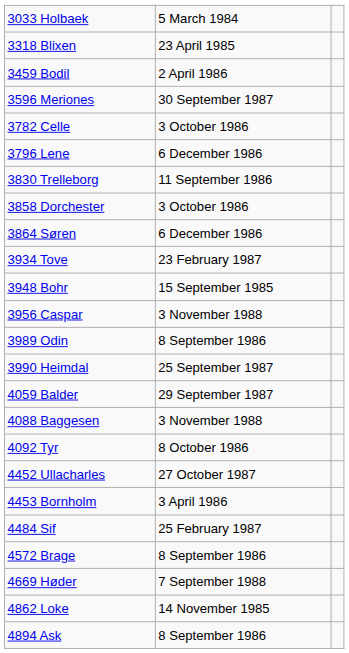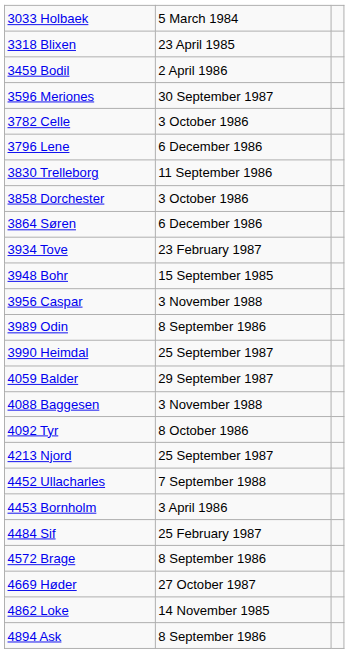 <table class="wikitable" style="font-size: 89%; float: left; width: 26em; margin-right: 1em; height: 700px;">
 <tr>
 <td><a href='#'>3033 Holbaek</a></td>
 <td>5 March 1984</td>
 <td> </td>
 </tr>
 <tr>
 <td><a href='#'>3318 Blixen</a></td>
 <td>23 April 1985</td>
 <td> </td>
 </tr>
 <tr>
 <td><a href='#'>3459 Bodil</a></td>
 <td>2 April 1986</td>
 <td></td>
 </tr>
 <tr>
 <td><a href='#'>3596 Meriones</a></td>
 <td>30 September 1987</td>
 <td> </td>
 </tr>
 <tr>
 <td><a href='#'>3782 Celle</a></td>
 <td>3 October 1986</td>
 <td></td>
 </tr>
 <tr>
 <td><a href='#'>3796 Lene</a></td>
 <td>6 December 1986</td>
 <td></td>
 </tr>
 <tr>
 <td><a href='#'>3830 Trelleborg</a></td>
 <td>11 September 1986</td>
 <td></td>
 </tr>
 <tr>
 <td><a href='#'>3858 Dorchester</a></td>
 <td>3 October 1986</td>
 <td></td>
 </tr>
 <tr>
 <td><a href='#'>3864 Søren</a></td>
 <td>6 December 1986</td>
 <td></td>
 </tr>
 <tr>
 <td><a href='#'>3934 Tove</a></td>
 <td>23 February 1987</td>
 <td> </td>
 </tr>
 <tr>
 <td><a href='#'>3948 Bohr</a></td>
 <td>15 September 1985</td>
 <td></td>
 </tr>
 <tr>
 <td><a href='#'>3956 Caspar</a></td>
 <td>3 November 1988</td>
 <td></td>
 </tr>
 <tr>
 <td><a href='#'>3989 Odin</a></td>
 <td>8 September 1986</td>
 <td></td>
 </tr>
 <tr>
 <td><a href='#'>3990 Heimdal</a></td>
 <td>25 September 1987</td>
 <td></td>
 </tr>
 <tr>
 <td><a href='#'>4059 Balder</a></td>
 <td>29 September 1987</td>
 <td></td>
 </tr>
 <tr>
 <td><a href='#'>4088 Baggesen</a></td>
 <td>3 November 1988</td>
 <td></td>
 </tr>
 <tr>
 <td><a href='#'>4092 Tyr</a></td>
 <td>8 October 1986</td>
 <td></td>
 </tr>
 <tr>
+<td><a href='#'>4213 Njord</a></td>
+<td>25 September 1987</td>
+<td></td>
+</tr>
+<tr>
 <td><a href='#'>4452 Ullacharles</a></td>
-<td>27 October 1987</td>
+<td>7 September 1988</td>
 <td></td>
 </tr>
 <tr>
 <td><a href='#'>4453 Bornholm</a></td>
 <td>3 April 1986</td>
 <td></td>
 </tr>
 <tr>
 <td><a href='#'>4484 Sif</a></td>
 <td>25 February 1987</td>
 <td></td>
 </tr>
 <tr>
 <td><a href='#'>4572 Brage</a></td>
 <td>8 September 1986</td>
 <td></td>
 </tr>
 <tr>
 <td><a href='#'>4669 Høder</a></td>
-<td>7 September 1988</td>
+<td>27 October 1987</td>
 <td></td>
 </tr>
 <tr>
 <td><a href='#'>4862 Loke</a></td>
 <td>14 November 1985</td>
 <td></td>
 </tr>
 <tr>
 <td><a href='#'>4894 Ask</a></td>
 <td>8 September 1986</td>
 <td></td>
 </tr>
 </table>
